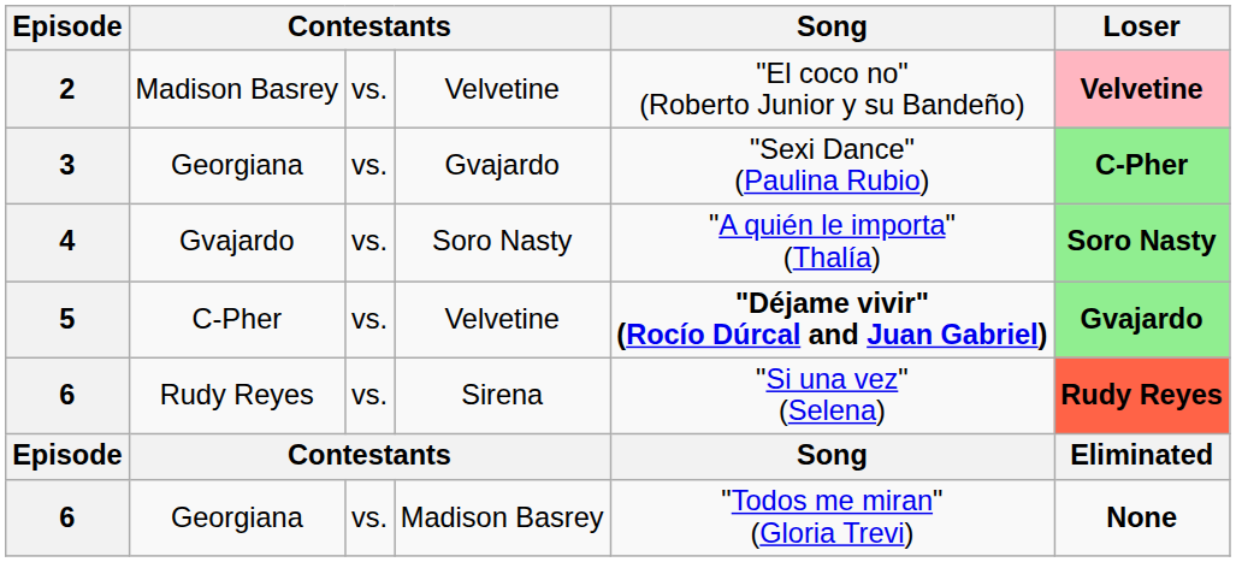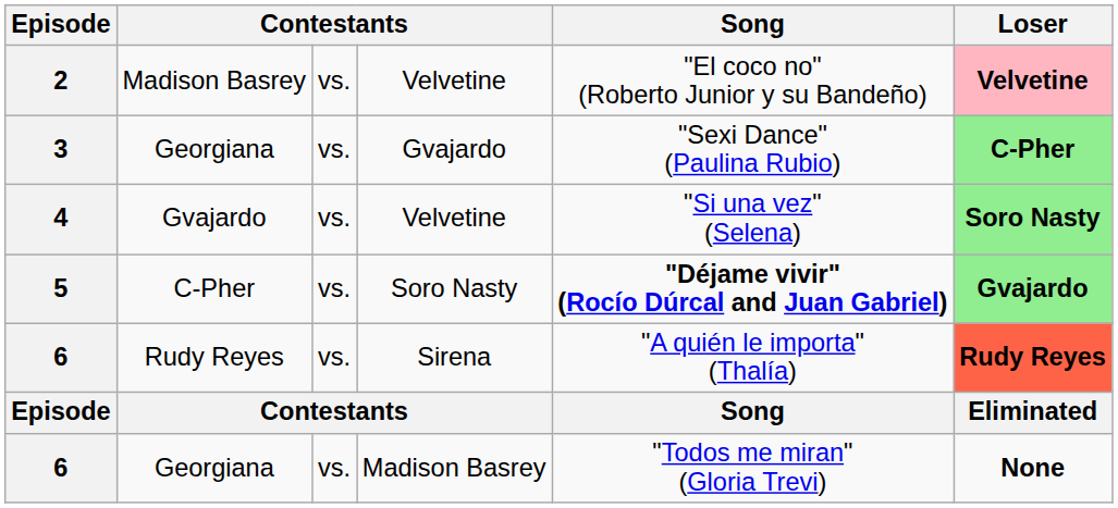 <table class="wikitable" style="text-align:center">
 <tr>
 <th scope="col">Episode</th>
 <th scope="col" colspan="3">Contestants</th>
 <th scope="col">Song</th>
 <th scope="col">Loser</th>
 </tr>
 <tr>
 <th>2</th>
 <td nowrap="">Madison Basrey</td>
 <td>vs.</td>
 <td>Velvetine</td>
 <td>"El coco no"<br>(Roberto Junior y su Bandeño)</td>
 <td bgcolor="lightpink"><strong>Velvetine</strong></td>
 </tr>
 <tr>
 <th>3</th>
 <td>Georgiana</td>
 <td>vs.</td>
 <td>Gvajardo</td>
 <td>"Sexi Dance"<br>(<a href='#'>Paulina Rubio</a>)</td>
 <td bgcolor="lightgreen"><strong>C-Pher</strong></td>
 </tr>
 <tr>
 <th>4</th>
 <td>Gvajardo</td>
 <td>vs.</td>
-<td>Soro Nasty</td>
-<td>"<a href='#'>A quién le importa</a>"<br>(<a href='#'>Thalía</a>)</td>
+<td>Velvetine</td>
+<td>"<a href='#'>Si una vez</a>"<br>(<a href='#'>Selena</a>)</td>
 <td bgcolor="lightgreen"><strong>Soro Nasty</strong></td>
 </tr>
 <tr>
 <th>5</th>
 <td>C-Pher</td>
 <td>vs.</td>
-<td>Velvetine</td>
+<td>Soro Nasty</td>
 <td nowrap=""><strong>"Déjame vivir"<br>(<a href='#'>Rocío Dúrcal</a> and <a href='#'>Juan Gabriel</a>)</strong></td>
 <td bgcolor="lightgreen"><strong>Gvajardo</strong></td>
 </tr>
 <tr>
 <th>6</th>
 <td>Rudy Reyes</td>
 <td>vs.</td>
 <td>Sirena</td>
-<td>"<a href='#'>Si una vez</a>"<br>(<a href='#'>Selena</a>)</td>
+<td>"<a href='#'>A quién le importa</a>"<br>(<a href='#'>Thalía</a>)</td>
 <td bgcolor="tomato" nowrap=""><strong>Rudy Reyes</strong></td>
 </tr>
 <tr>
 <th scope="col">Episode</th>
 <th scope="col" colspan="3">Contestants</th>
 <th scope="col">Song</th>
 <th scope="col">Eliminated</th>
 </tr>
 <tr>
 <th>6</th>
 <td>Georgiana</td>
 <td>vs.</td>
 <td nowrap="">Madison Basrey</td>
 <td>"<a href='#'>Todos me miran</a>"<br>(<a href='#'>Gloria Trevi</a>)</td>
 <td><strong>None</strong></td>
 </tr>
 </table>
